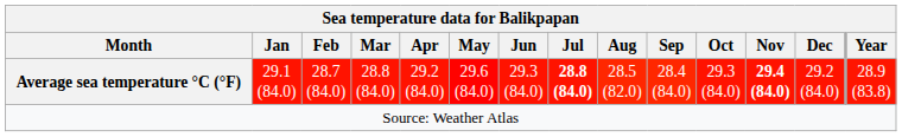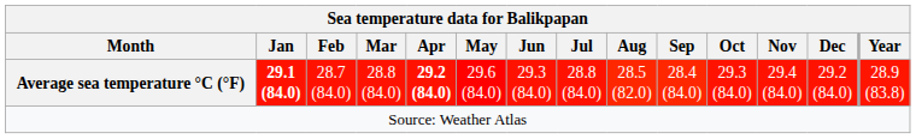 <table style="width:100%;text-align:center;line-height:1.2em;margin-left:auto;margin-right:auto" class="wikitable mw-collapsible">
 <tr>
 <th Colspan=14>Sea temperature data for Balikpapan</th>
 </tr>
 <tr>
 <th>Month</th>
 <th>Jan</th>
 <th>Feb</th>
 <th>Mar</th>
 <th>Apr</th>
 <th>May</th>
 <th>Jun</th>
 <th>Jul</th>
 <th>Aug</th>
 <th>Sep</th>
 <th>Oct</th>
 <th>Nov</th>
 <th>Dec</th>
 <th style="border-left-width:medium">Year</th>
 </tr>
 <tr>
 <th>Average sea temperature °C (°F)</th>
-<td style="background:#FF1300;color:#FFFFFF;">29.1<br>(84.0)</td>
+<td style="background:#FF1300;color:#FFFFFF;"><strong>29.1<br>(84.0)</strong></td>
 <td style="background:#FF1300;color:#FFFFFF;">28.7<br>(84.0)</td>
 <td style="background:#FF1300;color:#FFFFFF;">28.8<br>(84.0)</td>
-<td style="background:#FF1300;color:#FFFFFF;">29.2<br>(84.0)</td>
+<td style="background:#FF1300;color:#FFFFFF;"><strong>29.2<br>(84.0)</strong></td>
 <td style="background:#FF0200;color:#FFFFFF;">29.6<br>(84.0)</td>
 <td style="background:#FF1300;color:#FFFFFF;">29.3<br>(84.0)</td>
-<td style="background:#FF1300;color:#FFFFFF;"><strong>28.8<br>(84.0)</strong></td>
+<td style="background:#FF1300;color:#FFFFFF;">28.8<br>(84.0)</td>
 <td style="background:#FF2700;color:#FFFFFF;">28.5<br>(82.0)</td>
 <td style="background:#FF2700;color:#FFFFFF;">28.4<br>(84.0)</td>
 <td style="background:#FF1300;color:#FFFFFF;">29.3<br>(84.0)</td>
-<td style="background:#FF1300;color:#FFFFFF;"><strong>29.4<br>(84.0)</strong></td>
+<td style="background:#FF1300;color:#FFFFFF;">29.4<br>(84.0)</td>
 <td style="background:#FF1300;color:#FFFFFF;">29.2<br>(84.0)</td>
 <td style="background:#FF1500;color:#FFFFFF;border-left-width:medium">28.9<br>(83.8)</td>
 </tr>
 <tr>
 <th Colspan=14 style="background:#f8f9fa;font-weight:normal;font-size:95%;">Source: Weather Atlas </th>
 </tr>
 </table>
